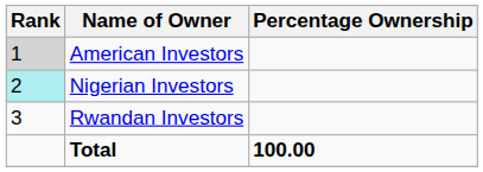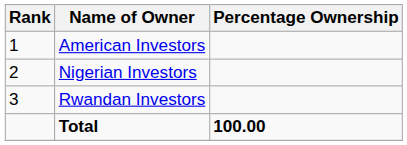 <table class="wikitable sortable" style="margin: 0.5em auto">
 <tr>
 <th>Rank</th>
 <th>Name of Owner</th>
 <th>Percentage Ownership</th>
 </tr>
 <tr>
-<td style="background: lightgrey;">1</td>
+<td>1</td>
 <td><a href='#'>American Investors</a></td>
 <td></td>
 </tr>
 <tr>
-<td style="background: paleturquoise;">2</td>
+<td>2</td>
 <td><a href='#'>Nigerian Investors</a></td>
 <td></td>
 </tr>
 <tr>
 <td>3</td>
 <td><a href='#'>Rwandan Investors</a></td>
 <td></td>
 </tr>
 <tr>
 <td></td>
 <td><strong>Total</strong></td>
 <td><strong>100.00</strong></td>
 </tr>
 <tr>
 </tr>
 </table>
